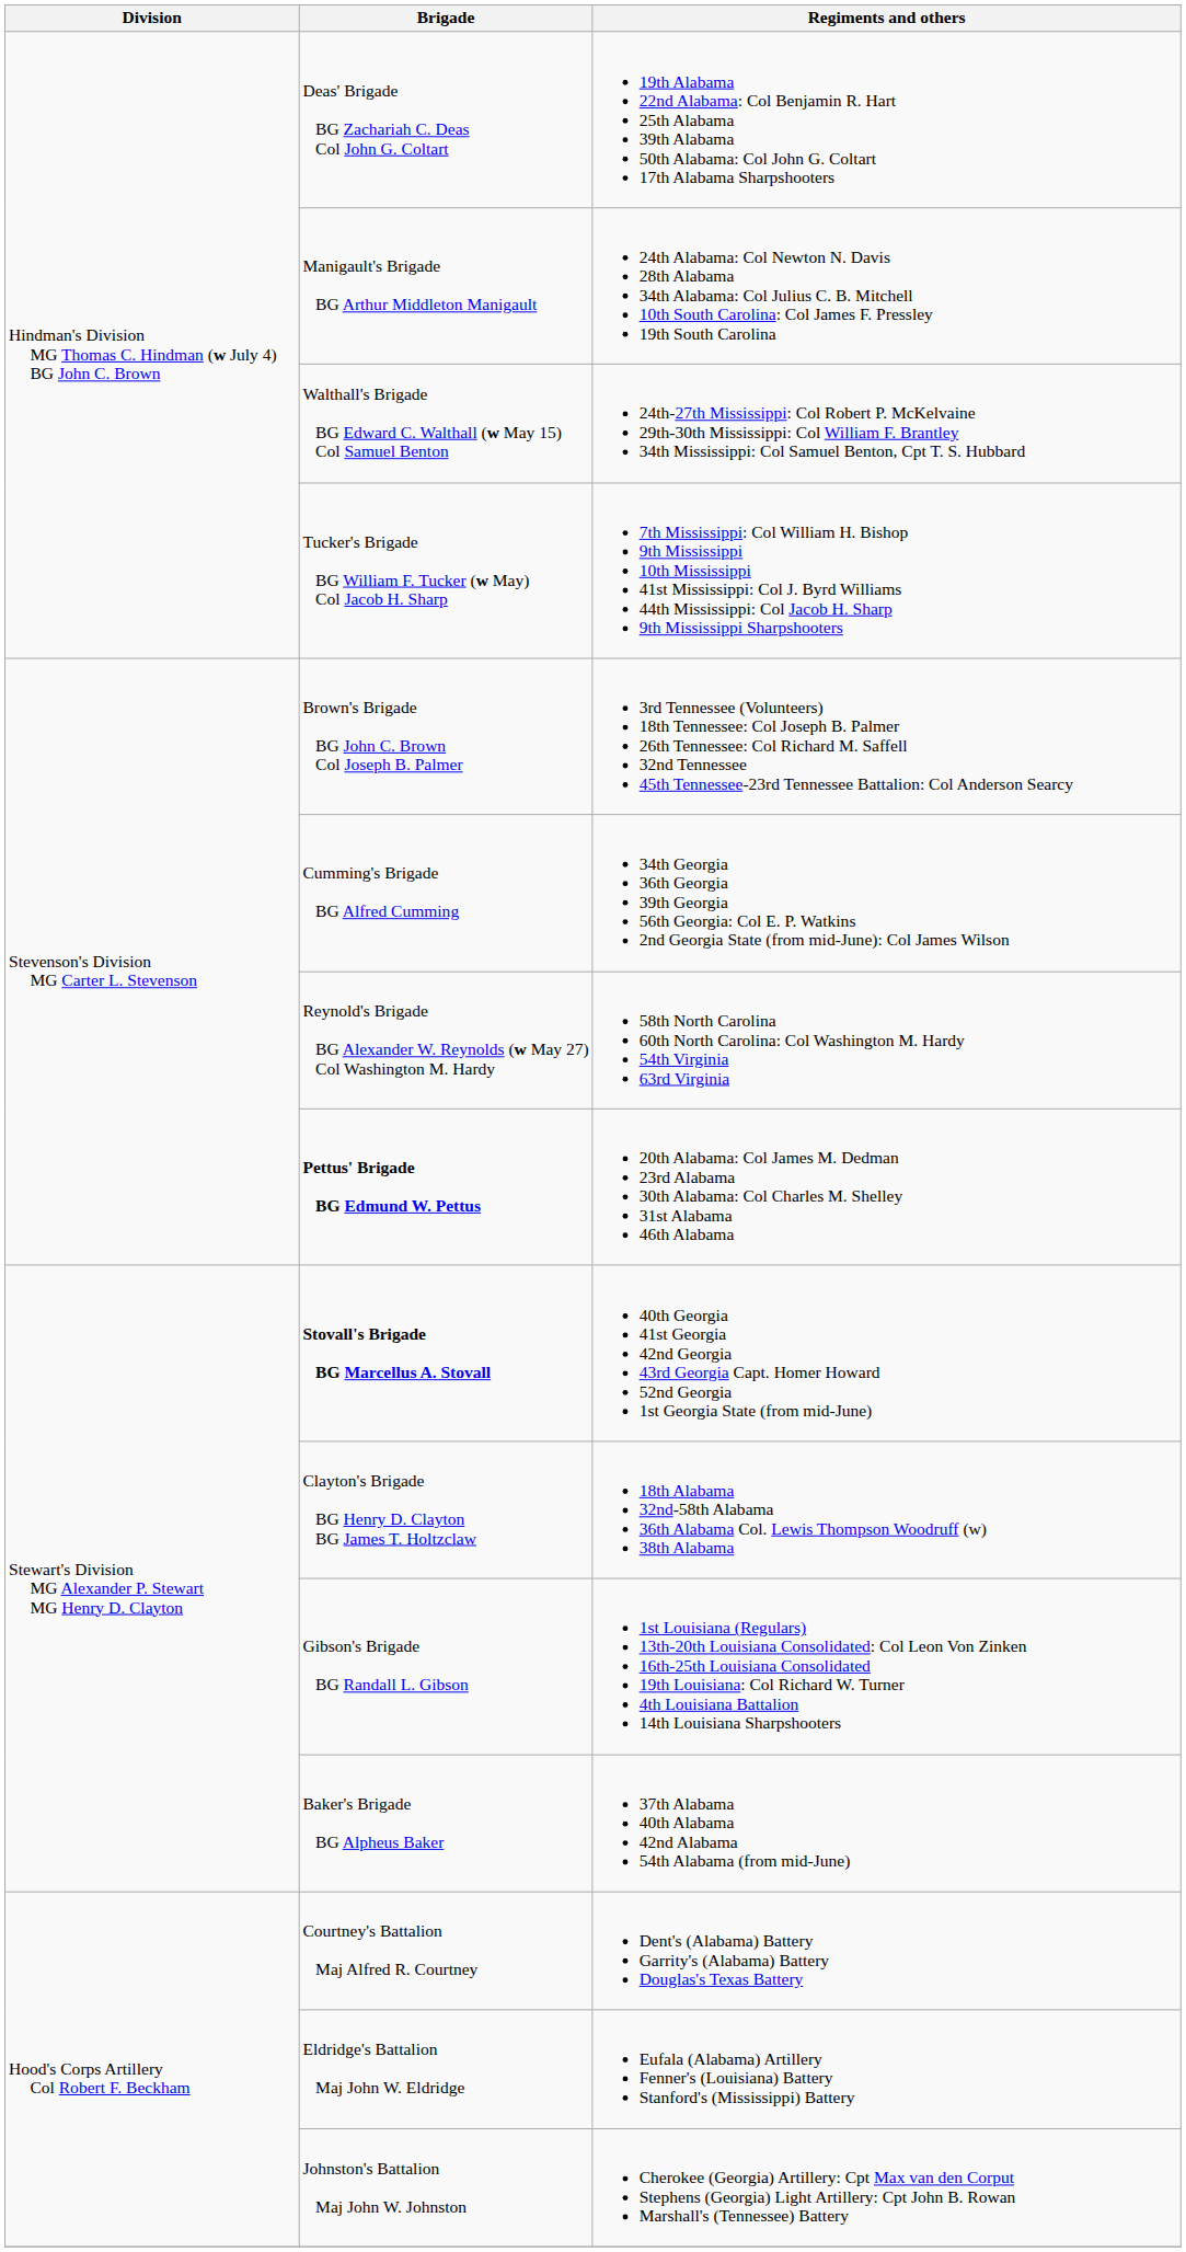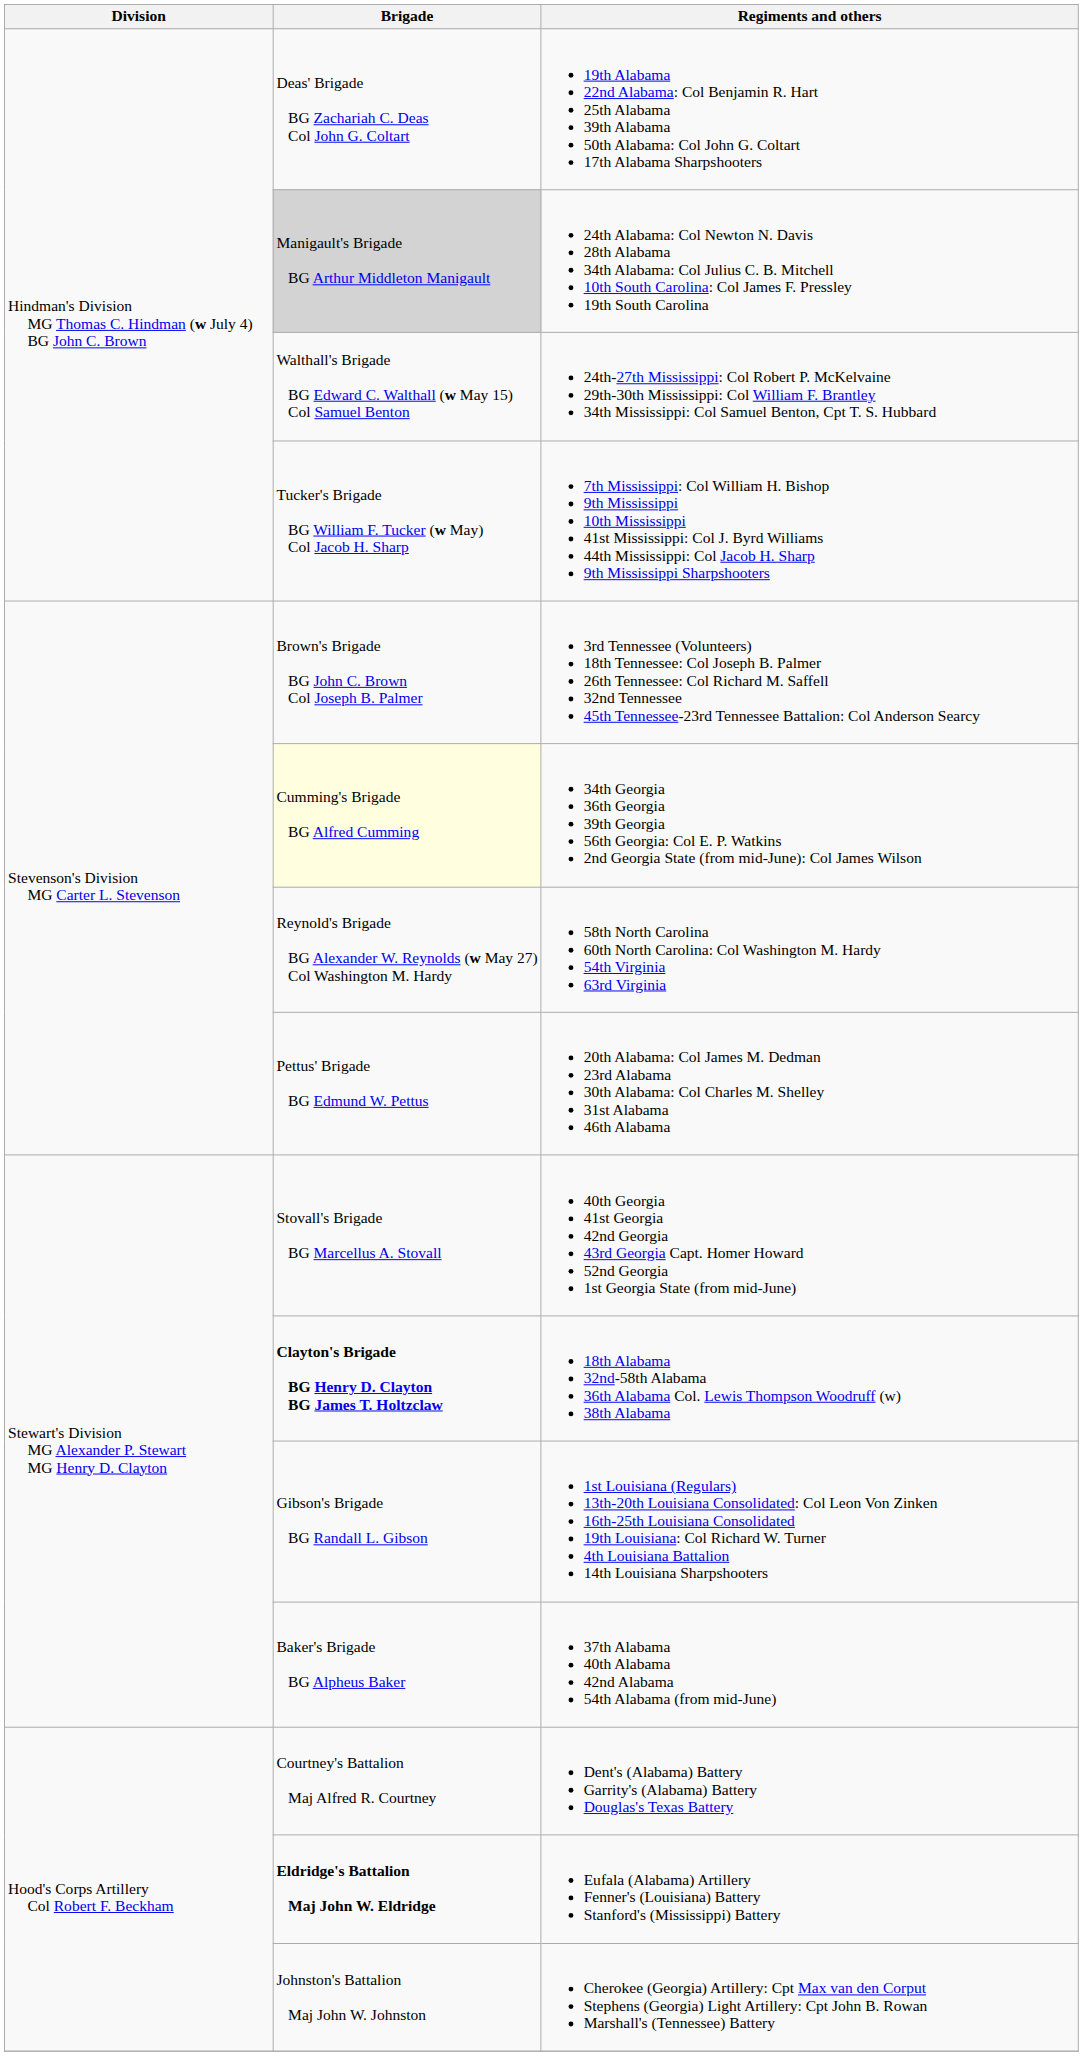 <table class="wikitable">
 <tr>
 <th width=25%>Division</th>
 <th width=25%>Brigade</th>
 <th>Regiments and others</th>
 </tr>
 <tr>
 <td rowspan=4><br>Hindman's Division <br>     MG <a href='#'>Thomas C. Hindman</a> (<strong>w</strong> July 4)<br>     BG <a href='#'>John C. Brown</a></td>
 <td>Deas' Brigade<br><br>   BG <a href='#'>Zachariah C. Deas</a><br>   Col <a href='#'>John G. Coltart</a></td>
 <td><br><ul><li><a href='#'>19th Alabama</a></li><li><a href='#'>22nd Alabama</a>: Col Benjamin R. Hart</li><li>25th Alabama</li><li>39th Alabama</li><li>50th Alabama: Col John G. Coltart</li><li>17th Alabama Sharpshooters</li></ul></td>
 </tr>
 <tr>
-<td>Manigault's Brigade<br><br>   BG <a href='#'>Arthur Middleton Manigault</a></td>
+<td style="background: lightgrey;">Manigault's Brigade<br><br>   BG <a href='#'>Arthur Middleton Manigault</a></td>
 <td><br><ul><li>24th Alabama: Col Newton N. Davis</li><li>28th Alabama</li><li>34th Alabama: Col Julius C. B. Mitchell</li><li><a href='#'>10th South Carolina</a>: Col James F. Pressley</li><li>19th South Carolina</li></ul></td>
 </tr>
 <tr>
 <td>Walthall's Brigade<br><br>   BG <a href='#'>Edward C. Walthall</a> (<strong>w</strong> May 15)<br>   Col <a href='#'>Samuel Benton</a></td>
 <td><br><ul><li>24th-<a href='#'>27th Mississippi</a>: Col Robert P. McKelvaine</li><li>29th-30th Mississippi: Col <a href='#'>William F. Brantley</a></li><li>34th Mississippi: Col Samuel Benton, Cpt T. S. Hubbard</li></ul></td>
 </tr>
 <tr>
 <td>Tucker's Brigade<br><br>   BG <a href='#'>William F. Tucker</a> (<strong>w</strong> May)<br>   Col <a href='#'>Jacob H. Sharp</a></td>
 <td><br><ul><li><a href='#'>7th Mississippi</a>: Col William H. Bishop</li><li><a href='#'>9th Mississippi</a></li><li><a href='#'>10th Mississippi</a></li><li>41st Mississippi: Col J. Byrd Williams</li><li>44th Mississippi: Col <a href='#'>Jacob H. Sharp</a></li><li><a href='#'>9th Mississippi Sharpshooters</a></li></ul></td>
 </tr>
 <tr>
 <td rowspan=4><br>Stevenson's Division <br>     MG <a href='#'>Carter L. Stevenson</a><br></td>
 <td>Brown's Brigade<br><br>   BG <a href='#'>John C. Brown</a><br>   Col <a href='#'>Joseph B. Palmer</a></td>
 <td><br><ul><li>3rd Tennessee (Volunteers)</li><li>18th Tennessee: Col Joseph B. Palmer</li><li>26th Tennessee: Col Richard M. Saffell</li><li>32nd Tennessee</li><li><a href='#'>45th Tennessee</a>-23rd Tennessee Battalion: Col Anderson Searcy</li></ul></td>
 </tr>
 <tr>
-<td>Cumming's Brigade<br><br>   BG <a href='#'>Alfred Cumming</a></td>
+<td style="background: lightyellow;">Cumming's Brigade<br><br>   BG <a href='#'>Alfred Cumming</a></td>
 <td><br><ul><li>34th Georgia</li><li>36th Georgia</li><li>39th Georgia</li><li>56th Georgia: Col E. P. Watkins</li><li>2nd Georgia State (from mid-June): Col James Wilson</li></ul></td>
 </tr>
 <tr>
 <td>Reynold's Brigade<br><br>   BG <a href='#'>Alexander W. Reynolds</a> (<strong>w</strong> May 27)<br>   Col Washington M. Hardy</td>
 <td><br><ul><li>58th North Carolina</li><li>60th North Carolina: Col Washington M. Hardy</li><li><a href='#'>54th Virginia</a></li><li><a href='#'>63rd Virginia</a></li></ul></td>
 </tr>
 <tr>
-<td><strong>Pettus' Brigade<br><br>   BG <a href='#'>Edmund W. Pettus</a></strong></td>
+<td>Pettus' Brigade<br><br>   BG <a href='#'>Edmund W. Pettus</a></td>
 <td><br><ul><li>20th Alabama: Col James M. Dedman</li><li>23rd Alabama</li><li>30th Alabama: Col Charles M. Shelley</li><li>31st Alabama</li><li>46th Alabama</li></ul></td>
 </tr>
 <tr>
 <td rowspan=4><br>Stewart's Division <br>     MG <a href='#'>Alexander P. Stewart</a><br>     MG <a href='#'>Henry D. Clayton</a></td>
-<td><strong>Stovall's Brigade<br><br>   BG <a href='#'>Marcellus A. Stovall</a></strong></td>
+<td>Stovall's Brigade<br><br>   BG <a href='#'>Marcellus A. Stovall</a></td>
 <td><br><ul><li>40th Georgia</li><li>41st Georgia</li><li>42nd Georgia</li><li><a href='#'>43rd Georgia</a> Capt. Homer Howard</li><li>52nd Georgia</li><li>1st Georgia State (from mid-June)</li></ul></td>
 </tr>
 <tr>
-<td>Clayton's Brigade<br><br>   BG <a href='#'>Henry D. Clayton</a><br>   BG <a href='#'>James T. Holtzclaw</a></td>
+<td><strong>Clayton's Brigade<br><br>   BG <a href='#'>Henry D. Clayton</a><br>   BG <a href='#'>James T. Holtzclaw</a></strong></td>
 <td><br><ul><li><a href='#'>18th Alabama</a></li><li><a href='#'>32nd</a>-58th Alabama</li><li><a href='#'>36th Alabama</a> Col. <a href='#'>Lewis Thompson Woodruff</a> (w)</li><li><a href='#'>38th Alabama</a></li></ul></td>
 </tr>
 <tr>
 <td>Gibson's Brigade<br><br>   BG <a href='#'>Randall L. Gibson</a></td>
 <td><br><ul><li><a href='#'>1st Louisiana (Regulars)</a></li><li><a href='#'>13th-20th Louisiana Consolidated</a>: Col Leon Von Zinken</li><li><a href='#'>16th-25th Louisiana Consolidated</a></li><li><a href='#'>19th Louisiana</a>: Col Richard W. Turner</li><li><a href='#'>4th Louisiana Battalion</a></li><li>14th Louisiana Sharpshooters</li></ul></td>
 </tr>
 <tr>
 <td>Baker's Brigade<br><br>   BG <a href='#'>Alpheus Baker</a></td>
 <td><br><ul><li>37th Alabama</li><li>40th Alabama</li><li>42nd Alabama</li><li>54th Alabama (from mid-June)</li></ul></td>
 </tr>
 <tr>
 <td rowspan=3><br>Hood's Corps Artillery <br>     Col <a href='#'>Robert F. Beckham</a></td>
 <td>Courtney's Battalion<br><br>   Maj Alfred R. Courtney</td>
 <td><br><ul><li>Dent's (Alabama) Battery</li><li>Garrity's (Alabama) Battery</li><li><a href='#'>Douglas's Texas Battery</a></li></ul></td>
 </tr>
 <tr>
-<td>Eldridge's Battalion<br><br>   Maj John W. Eldridge</td>
+<td><strong>Eldridge's Battalion<br><br>   Maj John W. Eldridge</strong></td>
 <td><br><ul><li>Eufala (Alabama) Artillery</li><li>Fenner's (Louisiana) Battery</li><li>Stanford's (Mississippi) Battery</li></ul></td>
 </tr>
 <tr>
 <td>Johnston's Battalion<br><br>   Maj John W. Johnston</td>
 <td><br><ul><li>Cherokee (Georgia) Artillery: Cpt <a href='#'>Max van den Corput</a></li><li>Stephens (Georgia) Light Artillery: Cpt John B. Rowan</li><li>Marshall's (Tennessee) Battery</li></ul></td>
 </tr>
 <tr>
 </tr>
 </table>
